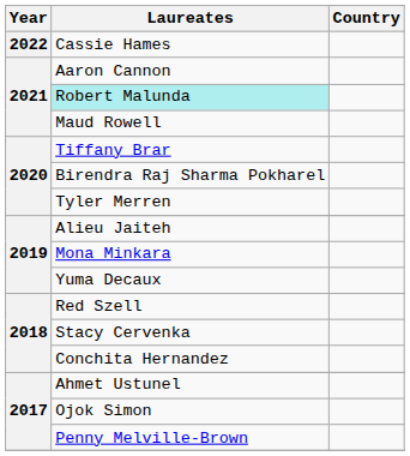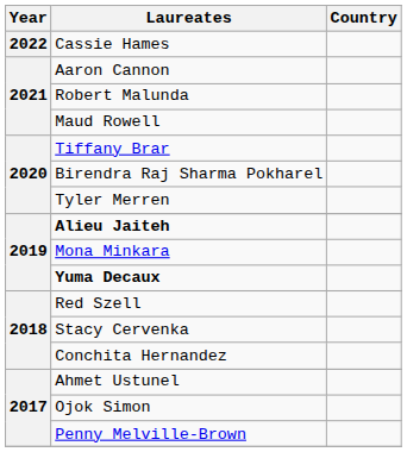 <table class="wikitable">
 <tr>
 <th>Year</th>
 <th>Laureates</th>
 <th>Country</th>
 </tr>
 <tr>
 <th rowspan=1>2022</th>
 <td>Cassie Hames</td>
 <td></td>
 </tr>
 <tr>
 <th rowspan=3>2021</th>
 <td>Aaron Cannon</td>
 <td></td>
 </tr>
 <tr>
-<td style="background: paleturquoise;">Robert Malunda</td>
+<td>Robert Malunda</td>
 <td></td>
 </tr>
 <tr>
 <td>Maud Rowell</td>
 <td></td>
 </tr>
 <tr>
 <th rowspan=3>2020</th>
 <td><a href='#'>Tiffany Brar</a></td>
 <td></td>
 </tr>
 <tr>
 <td>Birendra Raj Sharma Pokharel</td>
 <td></td>
 </tr>
 <tr>
 <td>Tyler Merren</td>
 <td></td>
 </tr>
 <tr>
 <th rowspan=4>2019</th>
 </tr>
 <tr>
-<td>Alieu Jaiteh</td>
+<td><strong>Alieu Jaiteh</strong></td>
 <td></td>
 </tr>
 <tr>
 <td><a href='#'>Mona Minkara</a></td>
 <td></td>
 </tr>
 <tr>
-<td>Yuma Decaux</td>
+<td><strong>Yuma Decaux</strong></td>
 <td></td>
 </tr>
 <tr>
 <th rowspan=4>2018</th>
 </tr>
 <tr>
 <td>Red Szell</td>
 <td></td>
 </tr>
 <tr>
 <td>Stacy Cervenka</td>
 <td></td>
 </tr>
 <tr>
 <td>Conchita Hernandez</td>
 <td></td>
 </tr>
 <tr>
 <th rowspan=4>2017</th>
 </tr>
 <tr>
 <td>Ahmet Ustunel</td>
 <td></td>
 </tr>
 <tr>
 <td>Ojok Simon</td>
 <td></td>
 </tr>
 <tr>
 <td><a href='#'>Penny Melville-Brown</a></td>
 <td></td>
 </tr>
 <tr>
 </tr>
 </table>
